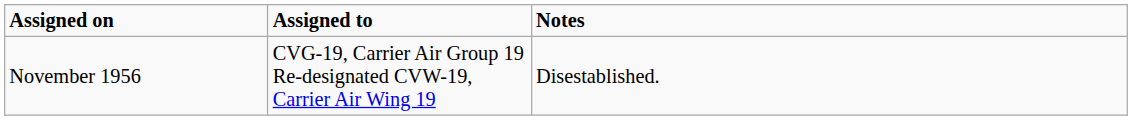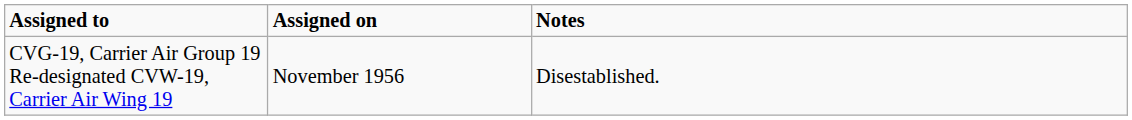 <table class="wikitable" style="width: 70%;">
 <tr>
+<td style="width: 200px;"><strong>Assigned to</strong></td>
 <td style="width: 200px;"><strong>Assigned on</strong></td>
-<td style="width: 200px;"><strong>Assigned to</strong></td>
 <td><strong>Notes</strong></td>
 </tr>
 <tr>
+<td>CVG-19, Carrier Air Group 19<br>Re-designated CVW-19, <a href='#'>Carrier Air Wing 19</a></td>
 <td>November 1956</td>
-<td>CVG-19, Carrier Air Group 19<br>Re-designated CVW-19, <a href='#'>Carrier Air Wing 19</a></td>
 <td>Disestablished.</td>
 </tr>
 </table>
